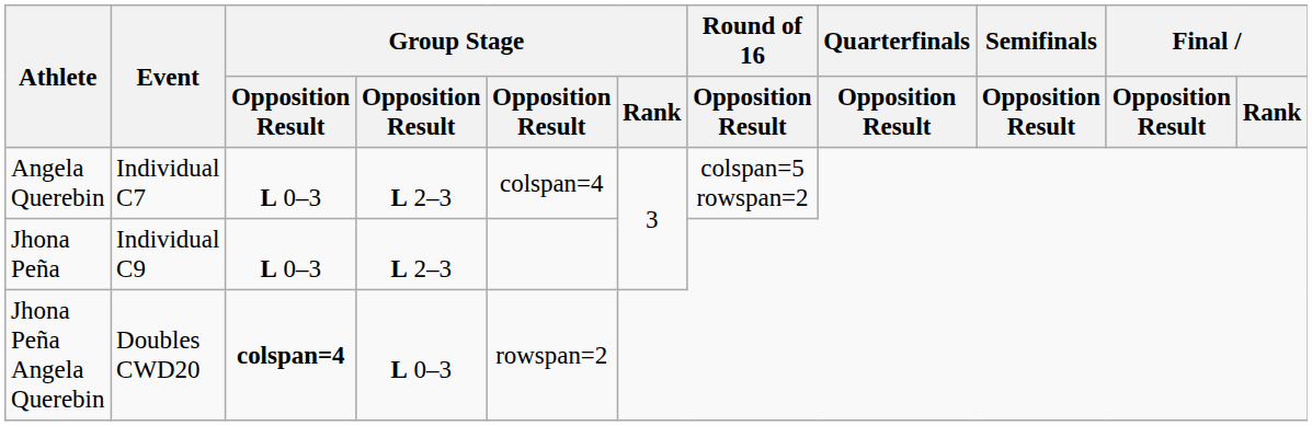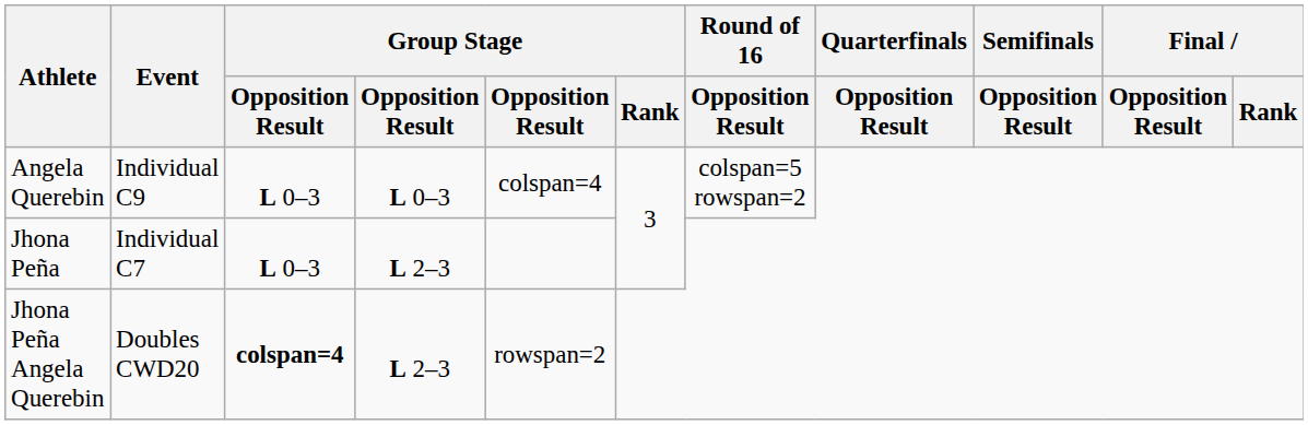 <table class=wikitable style="font-size:95%">
 <tr>
 <th rowspan=2>Athlete</th>
 <th rowspan=2>Event</th>
 <th colspan=4>Group Stage</th>
 <th>Round of 16</th>
 <th>Quarterfinals</th>
 <th>Semifinals</th>
 <th colspan=2>Final / </th>
 </tr>
 <tr>
 <th>Opposition<br>Result</th>
 <th>Opposition<br>Result</th>
 <th>Opposition<br>Result</th>
 <th>Rank</th>
 <th>Opposition<br>Result</th>
 <th>Opposition<br>Result</th>
 <th>Opposition<br>Result</th>
 <th>Opposition<br>Result</th>
 <th>Rank</th>
 </tr>
 <tr align=center>
 <td align=left>Angela Querebin</td>
-<td align=left>Individual C7</td>
+<td align=left>Individual C9</td>
 <td><br><strong>L</strong> 0–3</td>
-<td><br><strong>L</strong> 2–3</td>
+<td><br><strong>L</strong> 0–3</td>
 <td>colspan=4 </td>
 <td rowspan=2>3</td>
 <td>colspan=5 rowspan=2 </td>
 </tr>
 <tr align=center>
 <td align=left>Jhona Peña</td>
-<td align=left>Individual C9</td>
+<td align=left>Individual C7</td>
 <td><br><strong>L</strong> 0–3</td>
 <td><br><strong>L</strong> 2–3</td>
 </tr>
 <tr align=center>
 <td align=left>Jhona Peña<br>Angela Querebin</td>
 <td align=left>Doubles CWD20</td>
 <td><strong>colspan=4 </strong></td>
-<td><br><strong>L</strong> 0–3</td>
+<td><br><strong>L</strong> 2–3</td>
 <td>rowspan=2 </td>
 </tr>
 </table>
